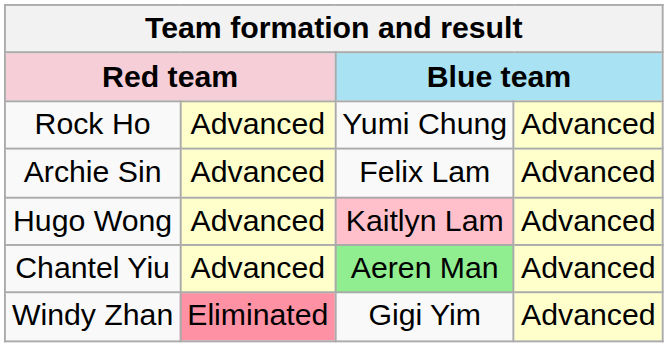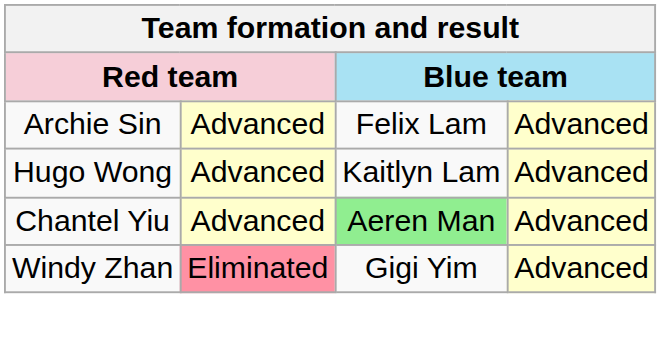 <table class="wikitable unsortable plainrowheaders" style="text-align:center; line-height:18px;">
 <tr>
 <th scope="col" colspan="4">Team formation and result</th>
 </tr>
 <tr>
 <th scope="col" colspan="2" style="background:#F6CED8;">Red team</th>
 <th scope="col" colspan="2" style="background:#A9E2F3;">Blue team</th>
-</tr>
-<tr>
-<td>Rock Ho</td>
-<td style="background:#FFFFCC;">Advanced</td>
-<td>Yumi Chung</td>
-<td style="background:#FFFFCC;">Advanced</td>
 </tr>
 <tr>
 <td>Archie Sin</td>
 <td style="background:#FFFFCC;">Advanced</td>
 <td>Felix Lam</td>
 <td style="background:#FFFFCC;">Advanced</td>
 </tr>
 <tr>
 <td>Hugo Wong</td>
 <td style="background:#FFFFCC;">Advanced</td>
-<td style="background: pink;">Kaitlyn Lam</td>
+<td>Kaitlyn Lam</td>
 <td style="background:#FFFFCC;">Advanced</td>
 </tr>
 <tr>
 <td>Chantel Yiu</td>
 <td style="background:#FFFFCC;">Advanced</td>
 <td style="background: lightgreen;">Aeren Man</td>
 <td style="background:#FFFFCC;">Advanced</td>
 </tr>
 <tr>
 <td>Windy Zhan</td>
 <td style="background:#FF91A4;">Eliminated</td>
 <td>Gigi Yim</td>
 <td style="background:#FFFFCC;">Advanced</td>
 </tr>
 </table>
